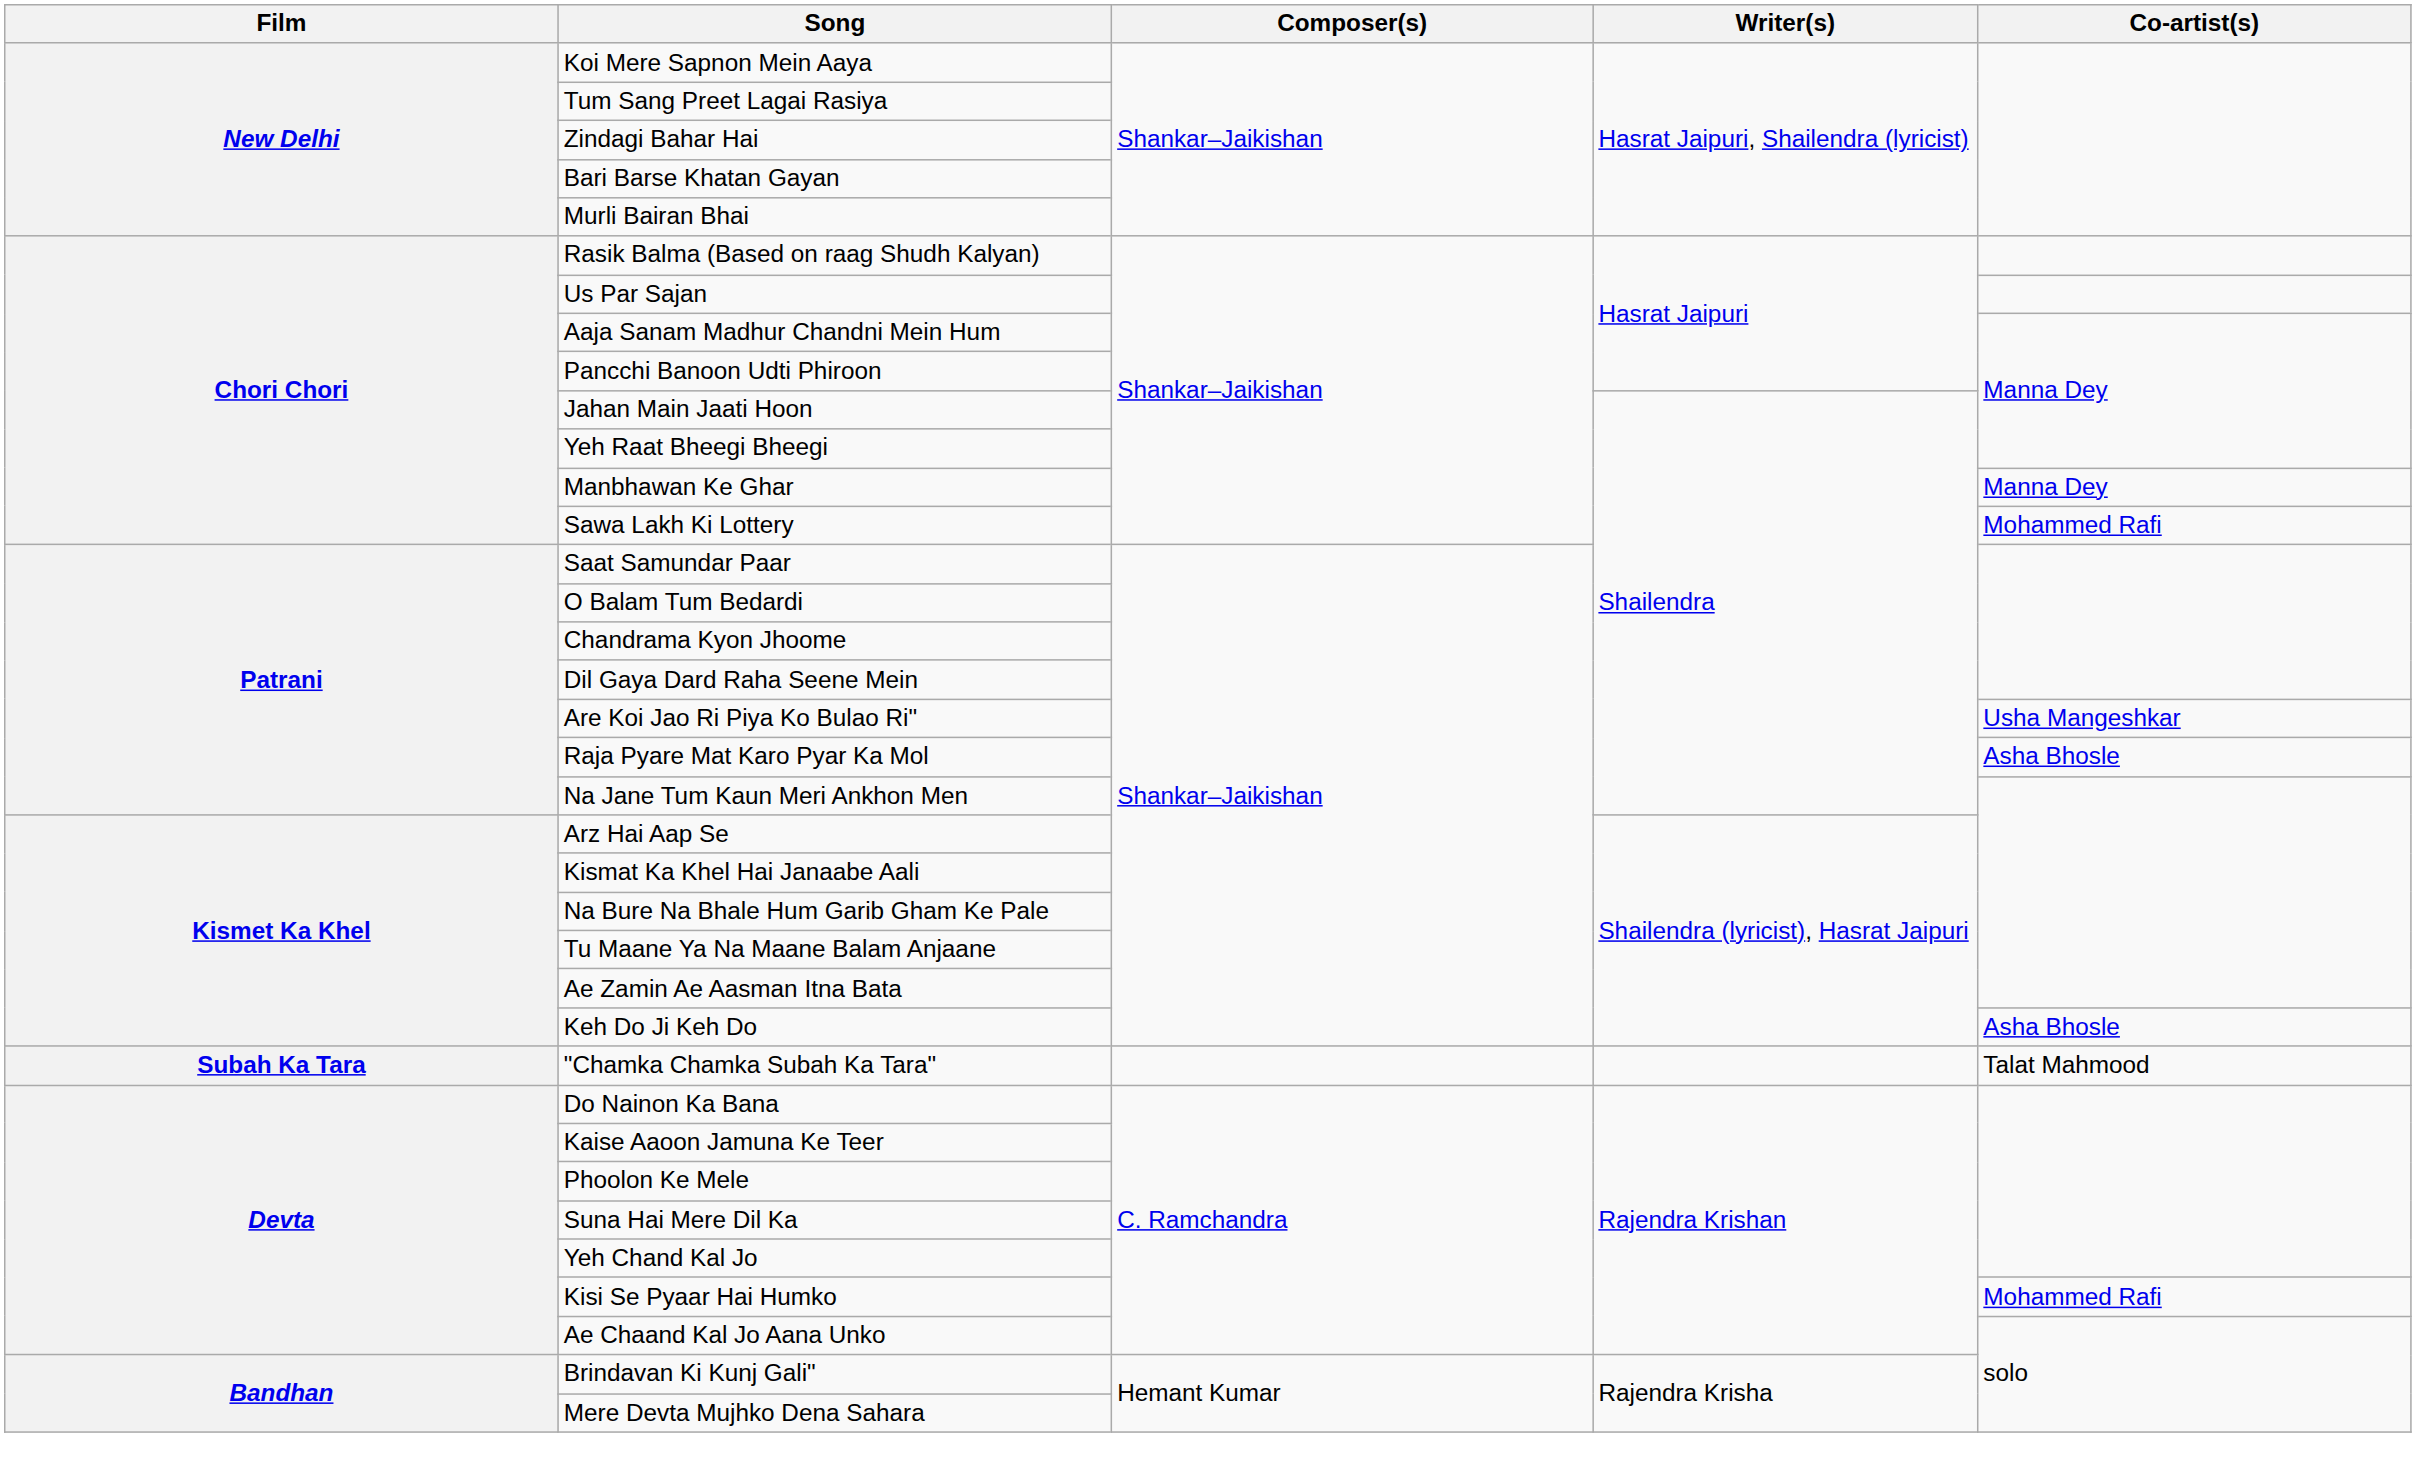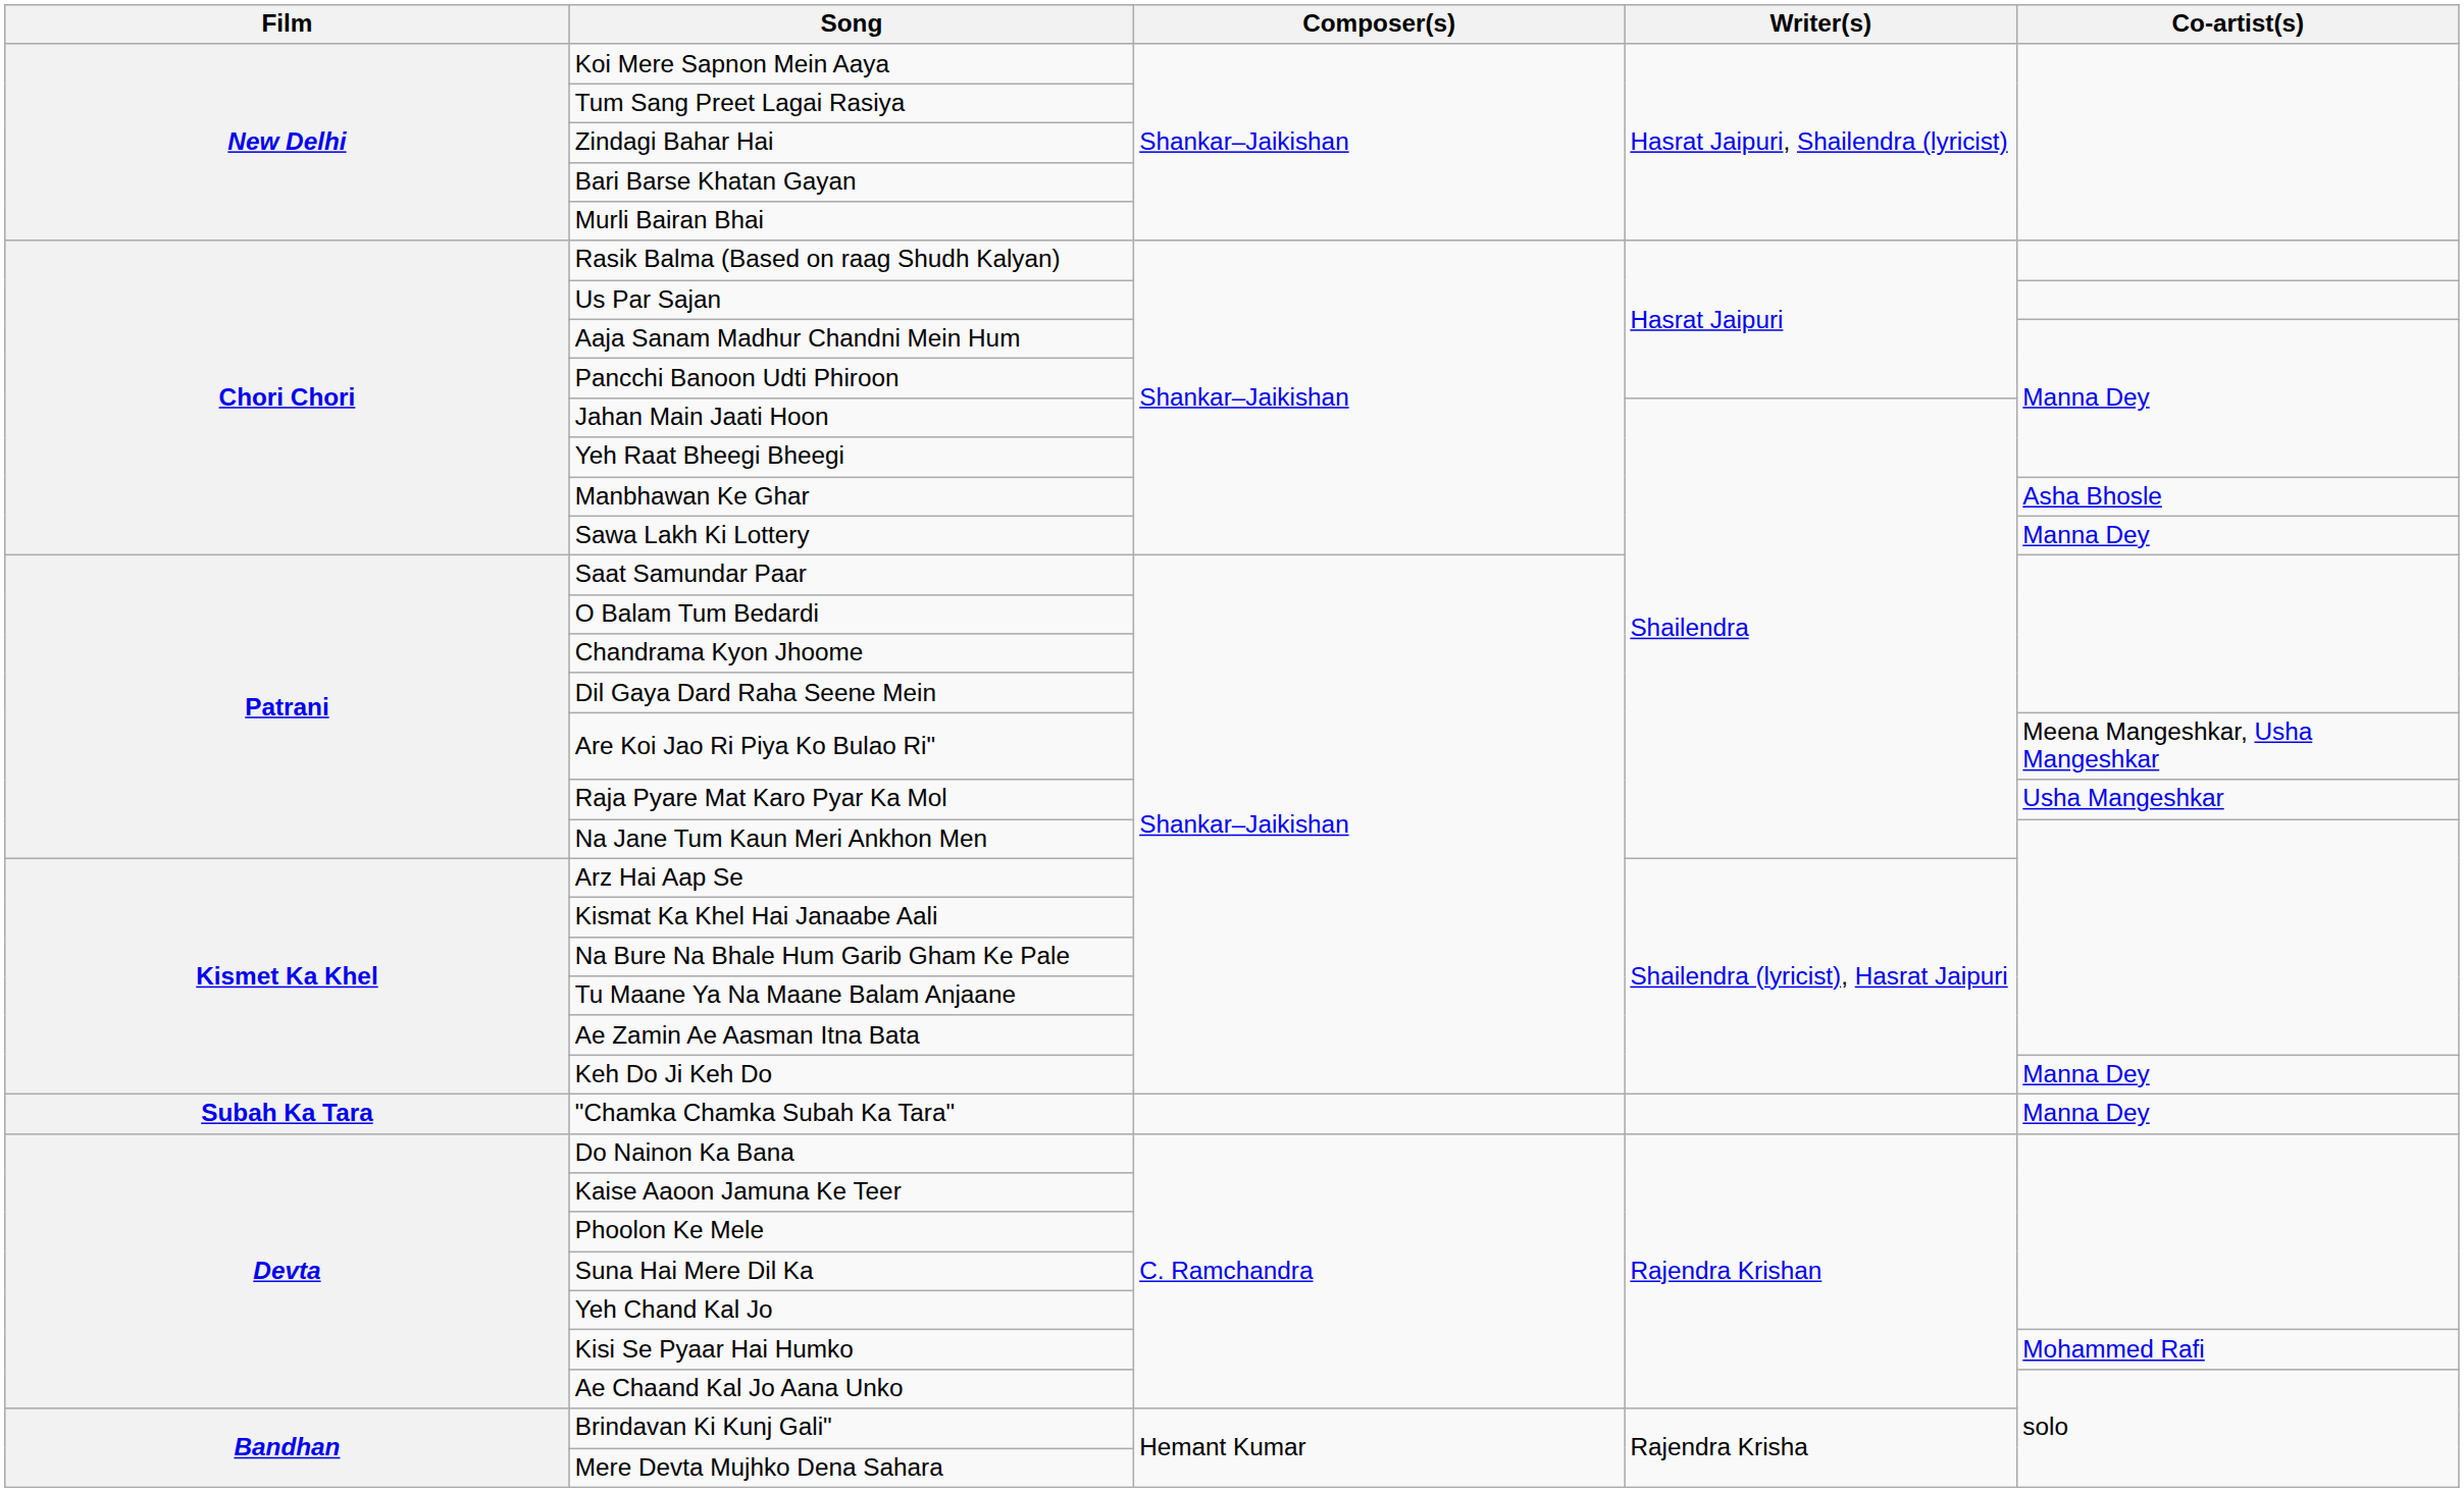 <table class="wikitable plainrowheaders" style="width:100%; textcolor:#000">
 <tr style="background:#b0e0e66;">
 <th scope="col" style="width:23%;"><strong>Film</strong></th>
 <th scope="col" style="width:23%;"><strong>Song</strong></th>
 <th scope="col" style="width:20%;"><strong>Composer(s)</strong></th>
 <th scope="col" style="width:16%;"><strong>Writer(s)</strong></th>
 <th scope="col" style="width:18%;"><strong>Co-artist(s)</strong></th>
 </tr>
 <tr>
 <th rowspan="5"><em><a href='#'>New Delhi</a></em></th>
 <td>Koi Mere Sapnon Mein Aaya</td>
 <td rowspan="5"><a href='#'>Shankar–Jaikishan</a></td>
 <td rowspan="5"><a href='#'>Hasrat Jaipuri</a>, <a href='#'>Shailendra (lyricist)</a></td>
 </tr>
 <tr>
 <td>Tum Sang Preet Lagai Rasiya</td>
 </tr>
 <tr>
 <td>Zindagi Bahar Hai</td>
 </tr>
 <tr>
 <td>Bari Barse Khatan Gayan</td>
 </tr>
 <tr>
 <td>Murli Bairan Bhai</td>
 </tr>
 <tr>
 <th rowspan="8"><a href='#'>Chori Chori</a></th>
 <td>Rasik Balma (Based on raag Shudh Kalyan)</td>
 <td rowspan="8"><a href='#'>Shankar–Jaikishan</a></td>
 <td rowspan="4"><a href='#'>Hasrat Jaipuri</a></td>
 <td></td>
 </tr>
 <tr>
 <td>Us Par Sajan</td>
 </tr>
 <tr>
 <td>Aaja Sanam Madhur Chandni Mein Hum</td>
 <td rowspan="4"><a href='#'>Manna Dey</a></td>
 </tr>
 <tr>
 <td>Pancchi Banoon Udti Phiroon</td>
 </tr>
 <tr>
 <td>Jahan Main Jaati Hoon</td>
 <td rowspan="11"><a href='#'>Shailendra</a></td>
 </tr>
 <tr>
 <td>Yeh Raat Bheegi Bheegi</td>
 </tr>
 <tr>
 <td>Manbhawan Ke Ghar</td>
-<td><a href='#'>Manna Dey</a></td>
+<td><a href='#'>Asha Bhosle</a></td>
 </tr>
 <tr>
 <td>Sawa Lakh Ki Lottery</td>
-<td><a href='#'>Mohammed Rafi</a></td>
+<td><a href='#'>Manna Dey</a></td>
 </tr>
 <tr>
 <th rowspan="7"><a href='#'>Patrani</a></th>
 <td>Saat Samundar Paar</td>
 <td rowspan="13"><a href='#'>Shankar–Jaikishan</a></td>
 <td rowspan="4"></td>
 </tr>
 <tr>
 <td>O Balam Tum Bedardi</td>
 </tr>
 <tr>
 <td>Chandrama Kyon Jhoome</td>
 </tr>
 <tr>
 <td>Dil Gaya Dard Raha Seene Mein</td>
 </tr>
 <tr>
 <td>Are Koi Jao Ri Piya Ko Bulao Ri"</td>
-<td><a href='#'>Usha Mangeshkar</a></td>
+<td>Meena Mangeshkar, <a href='#'>Usha Mangeshkar</a></td>
 </tr>
 <tr>
 <td>Raja Pyare Mat Karo Pyar Ka Mol</td>
-<td><a href='#'>Asha Bhosle</a></td>
+<td><a href='#'>Usha Mangeshkar</a></td>
 </tr>
 <tr>
 <td>Na Jane Tum Kaun Meri Ankhon Men</td>
 <td rowspan="6"></td>
 </tr>
 <tr>
 <th rowspan="6"><a href='#'>Kismet Ka Khel</a></th>
 <td>Arz Hai Aap Se</td>
 <td rowspan="6"><a href='#'>Shailendra (lyricist)</a>, <a href='#'>Hasrat Jaipuri</a></td>
 </tr>
 <tr>
 <td>Kismat Ka Khel Hai Janaabe Aali</td>
 </tr>
 <tr>
 <td>Na Bure Na Bhale Hum Garib Gham Ke Pale</td>
 </tr>
 <tr>
 <td>Tu Maane Ya Na Maane Balam Anjaane</td>
 </tr>
 <tr>
 <td>Ae Zamin Ae Aasman Itna Bata</td>
 </tr>
 <tr>
 <td>Keh Do Ji Keh Do</td>
-<td><a href='#'>Asha Bhosle</a></td>
+<td><a href='#'>Manna Dey</a></td>
 </tr>
 <tr>
 <th><a href='#'>Subah Ka Tara</a></th>
 <td>"Chamka Chamka Subah Ka Tara"</td>
 <td></td>
 <td></td>
-<td>Talat Mahmood</td>
+<td><a href='#'>Manna Dey</a></td>
 </tr>
 <tr>
 <th rowspan="7"><em><a href='#'>Devta</a></em></th>
 <td>Do Nainon Ka Bana</td>
 <td rowspan="7"><a href='#'>C. Ramchandra</a></td>
 <td rowspan="7"><a href='#'>Rajendra Krishan</a></td>
 <td rowspan="5"></td>
 </tr>
 <tr>
 <td>Kaise Aaoon Jamuna Ke Teer</td>
 </tr>
 <tr>
 <td>Phoolon Ke Mele</td>
 </tr>
 <tr>
 <td>Suna Hai Mere Dil Ka</td>
 </tr>
 <tr>
 <td>Yeh Chand Kal Jo</td>
 </tr>
 <tr>
 <td>Kisi Se Pyaar Hai Humko</td>
 <td><a href='#'>Mohammed Rafi</a></td>
 </tr>
 <tr>
 <td>Ae Chaand Kal Jo Aana Unko</td>
 <td rowspan="4">solo</td>
 </tr>
 <tr>
 <th Rowspan=2><em><a href='#'>Bandhan</a></em></th>
 <td>Brindavan Ki Kunj Gali"</td>
 <td rowspan=2>Hemant Kumar</td>
 <td rowspan=2>Rajendra Krisha</td>
 </tr>
 <tr>
 <td>Mere Devta Mujhko Dena Sahara</td>
 </tr>
 </table>
